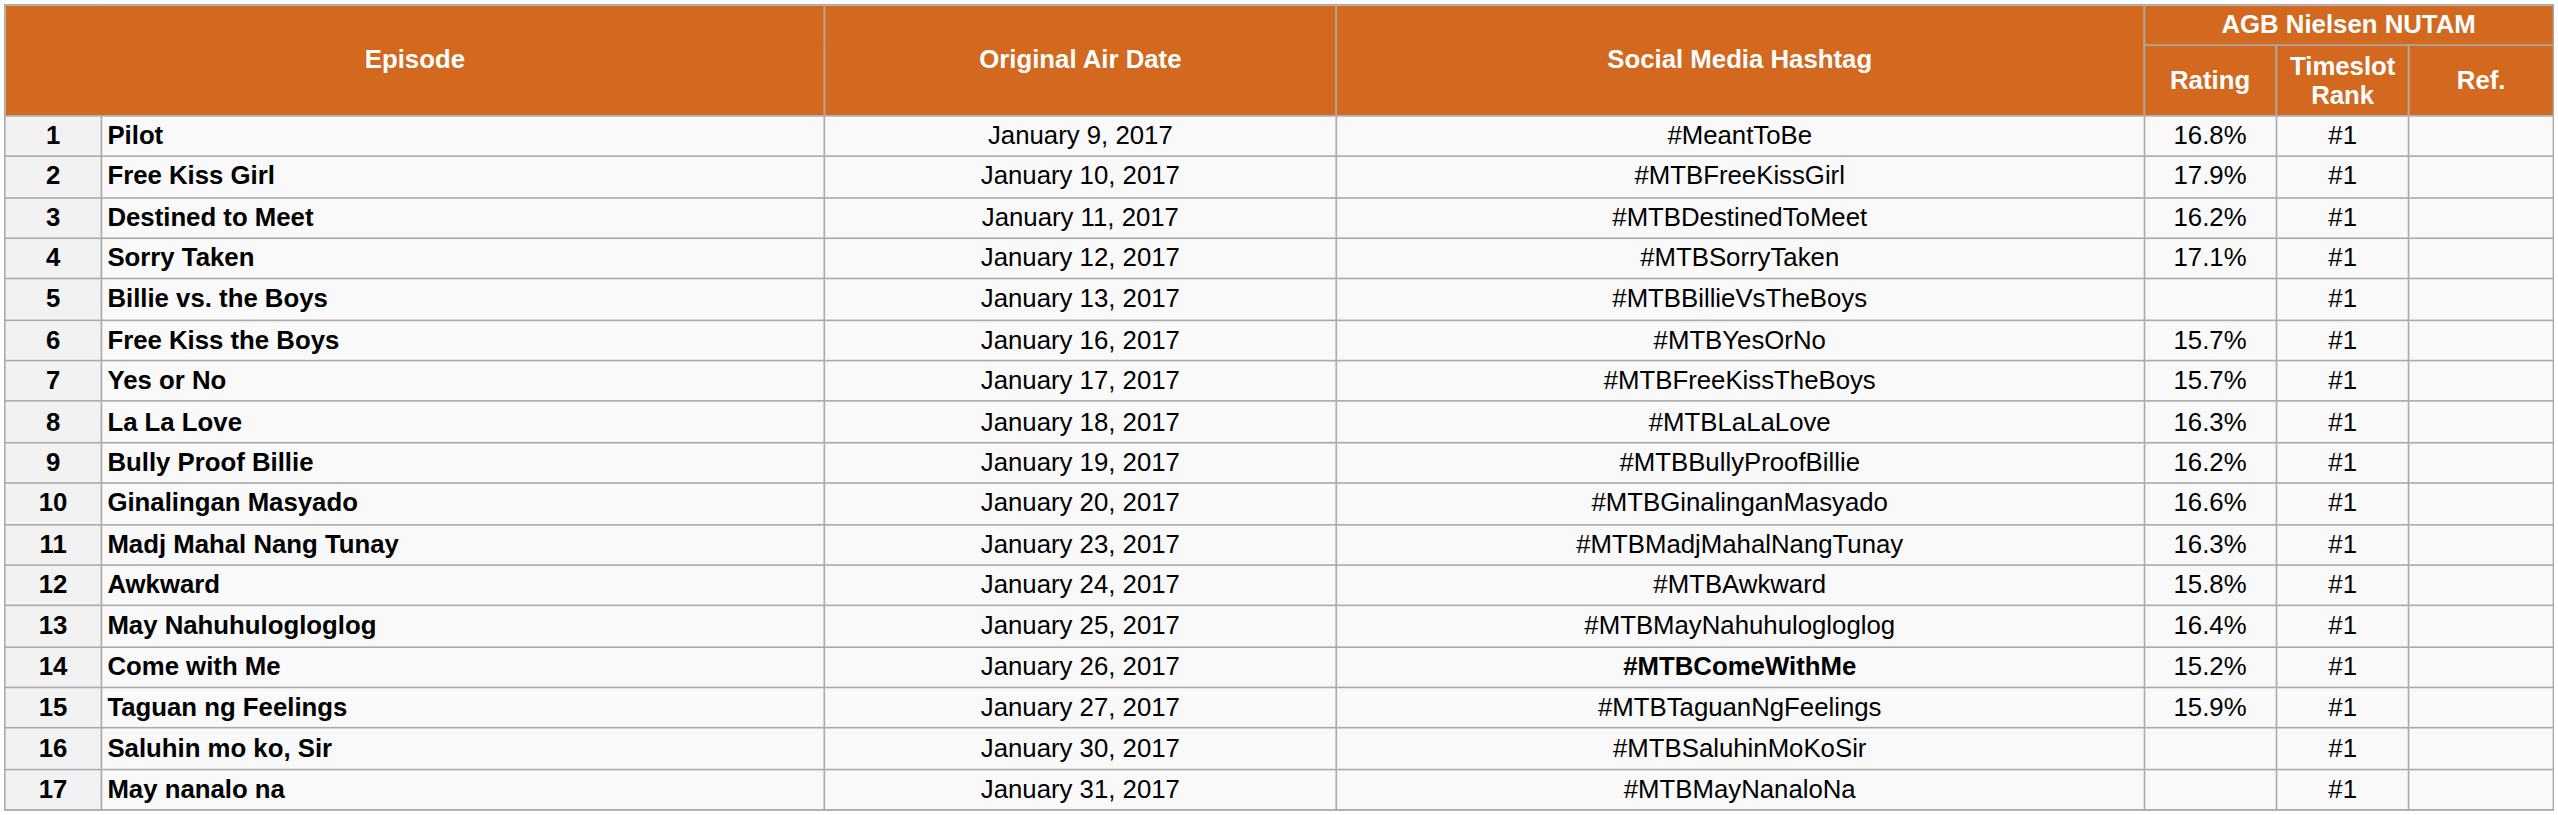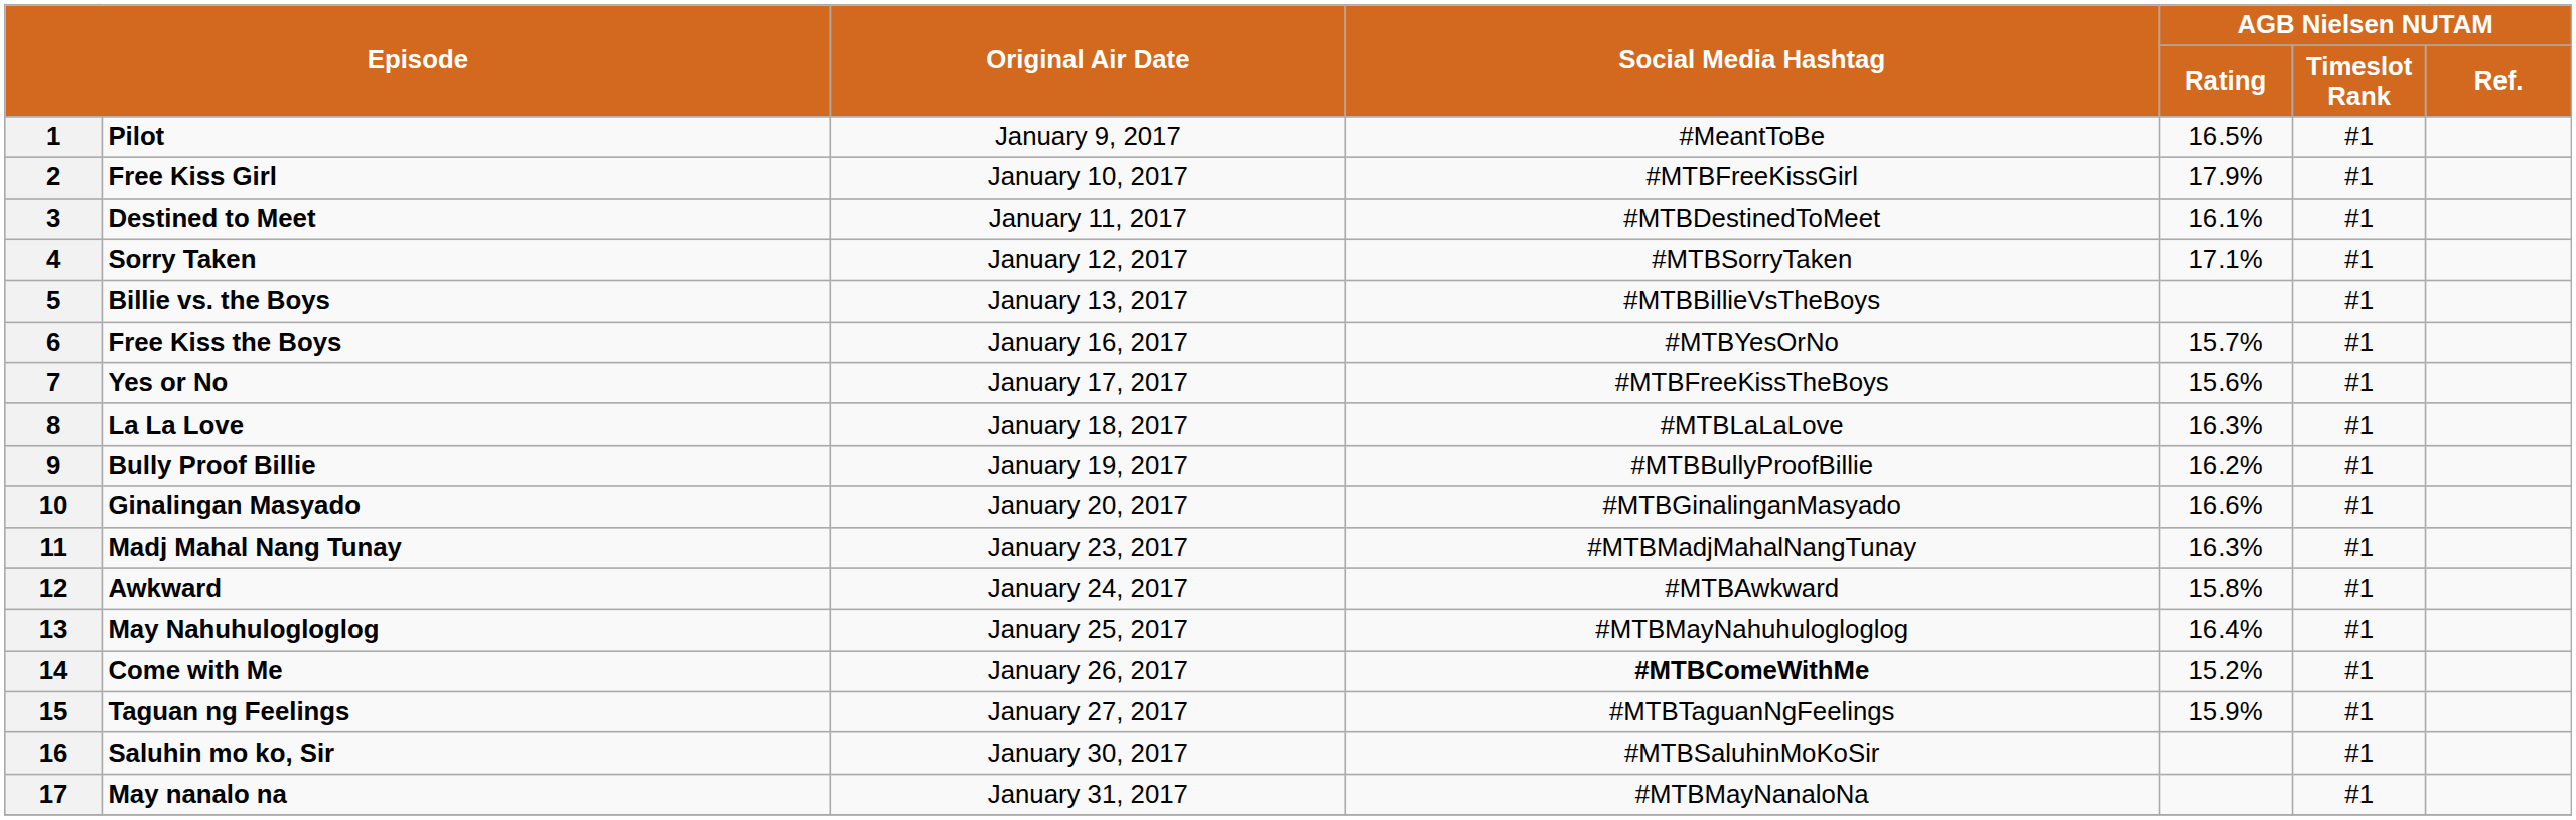 <table class="wikitable" style="text-align:center; font-size:100%; line-height:18px;"  width="100%">
 <tr>
 <th colspan="2" rowspan="2" style="background-color:#D2691E; color:#ffffff;">Episode</th>
 <th style="background:#D2691E; color:white" rowspan="2">Original Air Date</th>
 <th style="background:#D2691E; color:white" rowspan="2">Social Media Hashtag</th>
 <th style="background-color:#D2691E; color:#ffffff;" colspan="3">AGB Nielsen NUTAM</th>
 </tr>
 <tr>
 <th style="background-color:#D2691E; width:75px; color:#ffffff;">Rating</th>
 <th style="background-color:#D2691E; width:75px; color:#ffffff;">Timeslot<br>Rank</th>
 <th style="background-color:#D2691E; color:#ffffff;">Ref.</th>
 </tr>
 <tr>
 <th>1</th>
 <td style="text-align: left;"><strong>Pilot</strong></td>
 <td>January 9, 2017</td>
 <td>#MeantToBe</td>
-<td>16.8%</td>
+<td>16.5%</td>
 <td>#1</td>
 <td></td>
 </tr>
 <tr>
 <th>2</th>
 <td style="text-align: left;"><strong>Free Kiss Girl</strong></td>
 <td>January 10, 2017</td>
 <td>#MTBFreeKissGirl</td>
 <td>17.9%</td>
 <td>#1</td>
 <td></td>
 </tr>
 <tr>
 <th>3</th>
 <td style="text-align: left;"><strong>Destined to Meet</strong></td>
 <td>January 11, 2017</td>
 <td>#MTBDestinedToMeet</td>
-<td>16.2%</td>
+<td>16.1%</td>
 <td>#1</td>
 <td></td>
 </tr>
 <tr>
 <th>4</th>
 <td style="text-align: left;"><strong>Sorry Taken</strong></td>
 <td>January 12, 2017</td>
 <td>#MTBSorryTaken</td>
 <td>17.1%</td>
 <td>#1</td>
 <td></td>
 </tr>
 <tr>
 <th>5</th>
 <td style="text-align: left;"><strong>Billie vs. the Boys</strong></td>
 <td>January 13, 2017</td>
 <td>#MTBBillieVsTheBoys</td>
 <td></td>
 <td>#1</td>
 <td></td>
 </tr>
 <tr>
 <th>6</th>
 <td style="text-align: left;"><strong>Free Kiss the Boys</strong></td>
 <td>January 16, 2017</td>
 <td>#MTBYesOrNo</td>
 <td>15.7%</td>
 <td>#1</td>
 <td></td>
 </tr>
 <tr>
 <th>7</th>
 <td style="text-align: left;"><strong>Yes or No</strong></td>
 <td>January 17, 2017</td>
 <td>#MTBFreeKissTheBoys</td>
-<td>15.7%</td>
+<td>15.6%</td>
 <td>#1</td>
 <td></td>
 </tr>
 <tr>
 <th>8</th>
 <td style="text-align: left;"><strong>La La Love</strong></td>
 <td>January 18, 2017</td>
 <td>#MTBLaLaLove</td>
 <td>16.3%</td>
 <td>#1</td>
 <td></td>
 </tr>
 <tr>
 <th>9</th>
 <td style="text-align: left;"><strong>Bully Proof Billie</strong></td>
 <td>January 19, 2017</td>
 <td>#MTBBullyProofBillie</td>
 <td>16.2%</td>
 <td>#1</td>
 <td></td>
 </tr>
 <tr>
 <th>10</th>
 <td style="text-align: left;"><strong>Ginalingan Masyado</strong></td>
 <td>January 20, 2017</td>
 <td>#MTBGinalinganMasyado</td>
 <td>16.6%</td>
 <td>#1</td>
 <td></td>
 </tr>
 <tr>
 <th>11</th>
 <td style="text-align: left;"><strong>Madj Mahal Nang Tunay</strong></td>
 <td>January 23, 2017</td>
 <td>#MTBMadjMahalNangTunay</td>
 <td>16.3%</td>
 <td>#1</td>
 <td></td>
 </tr>
 <tr>
 <th>12</th>
 <td style="text-align: left;"><strong>Awkward</strong></td>
 <td>January 24, 2017</td>
 <td>#MTBAwkward</td>
 <td>15.8%</td>
 <td>#1</td>
 <td></td>
 </tr>
 <tr>
 <th>13</th>
 <td style="text-align: left;"><strong>May Nahuhulogloglog</strong></td>
 <td>January 25, 2017</td>
 <td>#MTBMayNahuhulogloglog</td>
 <td>16.4%</td>
 <td>#1</td>
 <td></td>
 </tr>
 <tr>
 <th>14</th>
 <td style="text-align: left;"><strong>Come with Me</strong></td>
 <td>January 26, 2017</td>
 <td><strong>#MTBComeWithMe</strong></td>
 <td>15.2%</td>
 <td>#1</td>
 <td></td>
 </tr>
 <tr>
 <th>15</th>
 <td style="text-align: left;"><strong>Taguan ng Feelings</strong></td>
 <td>January 27, 2017</td>
 <td>#MTBTaguanNgFeelings</td>
 <td>15.9%</td>
 <td>#1</td>
 <td></td>
 </tr>
 <tr>
 <th>16</th>
 <td style="text-align: left;"><strong>Saluhin mo ko, Sir</strong></td>
 <td>January 30, 2017</td>
 <td>#MTBSaluhinMoKoSir</td>
 <td></td>
 <td>#1</td>
 <td></td>
 </tr>
 <tr>
 <th>17</th>
 <td style="text-align: left;"><strong>May nanalo na</strong></td>
 <td>January 31, 2017</td>
 <td>#MTBMayNanaloNa</td>
 <td></td>
 <td>#1</td>
 <td></td>
 </tr>
 <tr>
 </tr>
 </table>
